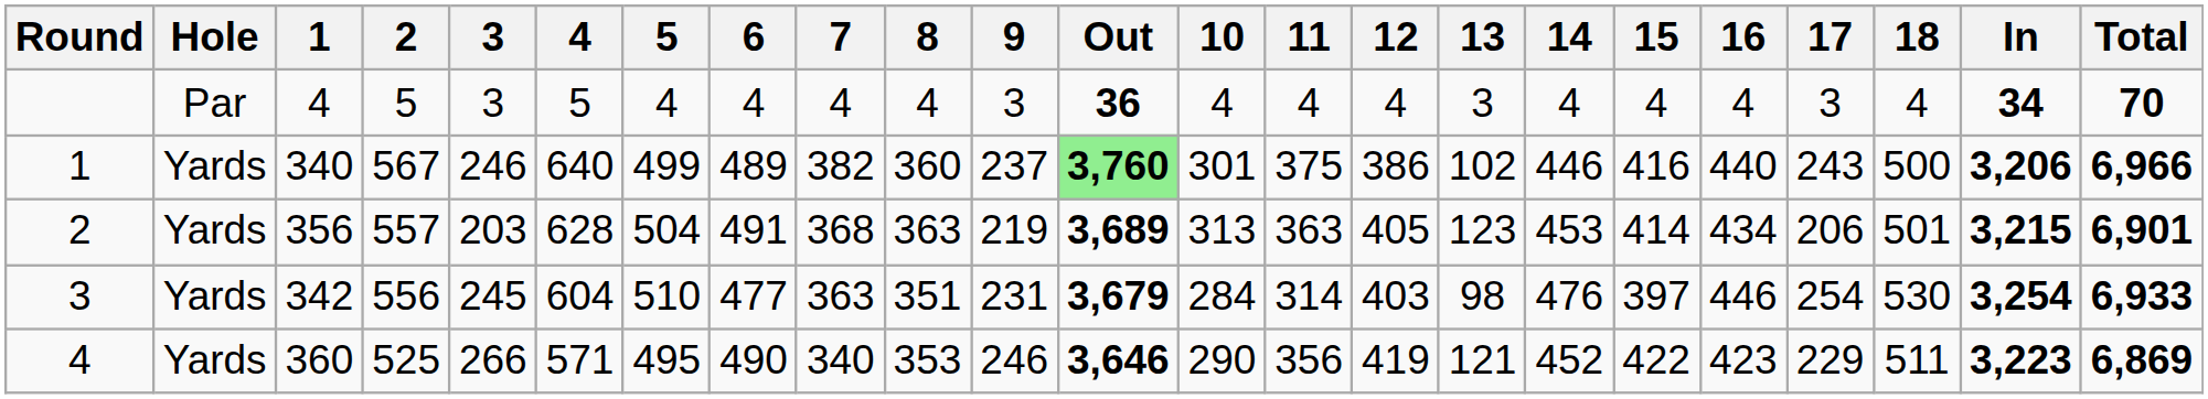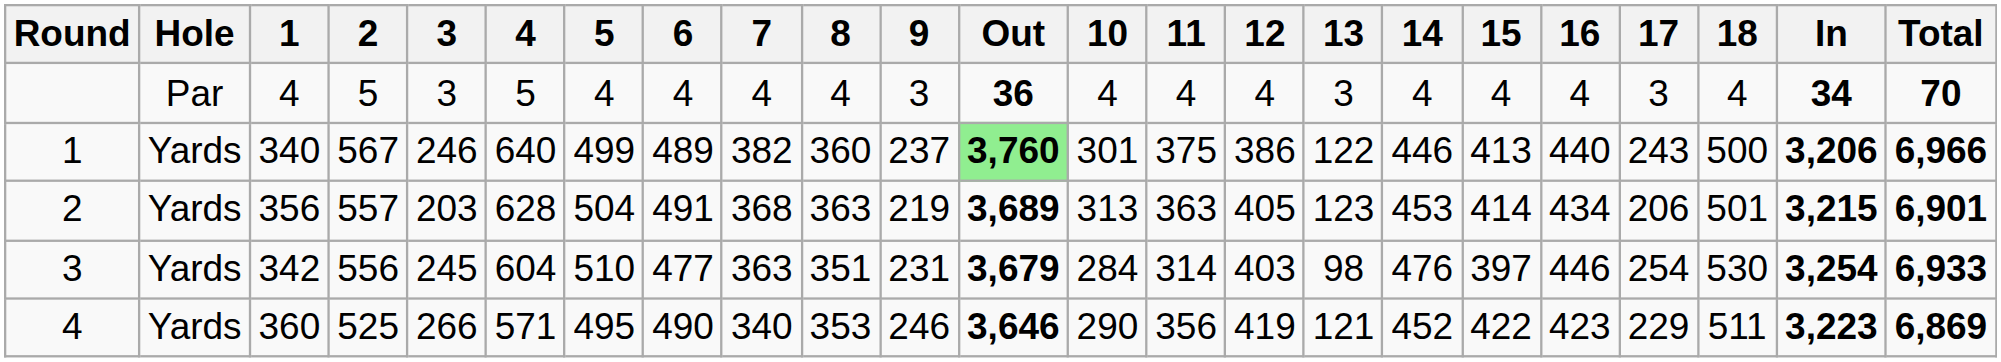 <table class="wikitable" style="text-align:center">
 <tr>
 <th>Round</th>
 <th align="left">Hole</th>
 <th>1</th>
 <th>2</th>
 <th>3</th>
 <th>4</th>
 <th>5</th>
 <th>6</th>
 <th>7</th>
 <th>8</th>
 <th>9</th>
 <th>Out</th>
 <th>10</th>
 <th>11</th>
 <th>12</th>
 <th>13</th>
 <th>14</th>
 <th>15</th>
 <th>16</th>
 <th>17</th>
 <th>18</th>
 <th>In</th>
 <th>Total</th>
 </tr>
 <tr>
 <td></td>
 <td>Par</td>
 <td>4</td>
 <td>5</td>
 <td>3</td>
 <td>5</td>
 <td>4</td>
 <td>4</td>
 <td>4</td>
 <td>4</td>
 <td>3</td>
 <td><strong>36</strong></td>
 <td>4</td>
 <td>4</td>
 <td>4</td>
 <td>3</td>
 <td>4</td>
 <td>4</td>
 <td>4</td>
 <td>3</td>
 <td>4</td>
 <td><strong>34</strong></td>
 <td><strong>70</strong></td>
 </tr>
 <tr>
 <td>1</td>
 <td align="left">Yards</td>
 <td>340</td>
 <td>567</td>
 <td>246</td>
 <td>640</td>
 <td>499</td>
 <td>489</td>
 <td>382</td>
 <td>360</td>
 <td>237</td>
 <td style="background: lightgreen;"><strong>3,760</strong></td>
 <td>301</td>
 <td>375</td>
 <td>386</td>
-<td>102</td>
+<td>122</td>
 <td>446</td>
-<td>416</td>
+<td>413</td>
 <td>440</td>
 <td>243</td>
 <td>500</td>
 <td><strong>3,206</strong></td>
 <td><strong>6,966</strong></td>
 </tr>
 <tr>
 <td>2</td>
 <td align="left">Yards</td>
 <td>356</td>
 <td>557</td>
 <td>203</td>
 <td>628</td>
 <td>504</td>
 <td>491</td>
 <td>368</td>
 <td>363</td>
 <td>219</td>
 <td><strong>3,689</strong></td>
 <td>313</td>
 <td>363</td>
 <td>405</td>
 <td>123</td>
 <td>453</td>
 <td>414</td>
 <td>434</td>
 <td>206</td>
 <td>501</td>
 <td><strong>3,215</strong></td>
 <td><strong>6,901</strong></td>
 </tr>
 <tr>
 <td>3</td>
 <td align="left">Yards</td>
 <td>342</td>
 <td>556</td>
 <td>245</td>
 <td>604</td>
 <td>510</td>
 <td>477</td>
 <td>363</td>
 <td>351</td>
 <td>231</td>
 <td><strong>3,679</strong></td>
 <td>284</td>
 <td>314</td>
 <td>403</td>
 <td>98</td>
 <td>476</td>
 <td>397</td>
 <td>446</td>
 <td>254</td>
 <td>530</td>
 <td><strong>3,254</strong></td>
 <td><strong>6,933</strong></td>
 </tr>
 <tr>
 <td>4</td>
 <td align="left">Yards</td>
 <td>360</td>
 <td>525</td>
 <td>266</td>
 <td>571</td>
 <td>495</td>
 <td>490</td>
 <td>340</td>
 <td>353</td>
 <td>246</td>
 <td><strong>3,646</strong></td>
 <td>290</td>
 <td>356</td>
 <td>419</td>
 <td>121</td>
 <td>452</td>
 <td>422</td>
 <td>423</td>
 <td>229</td>
 <td>511</td>
 <td><strong>3,223</strong></td>
 <td><strong>6,869</strong></td>
 </tr>
 </table>
